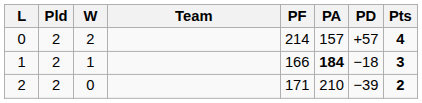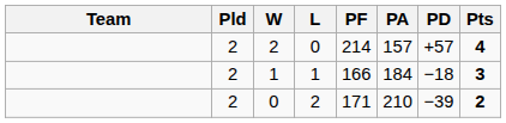 <table class="wikitable" style="text-align:center;">
 <tr>
-<th width=30>L</th>
+<th width=180>Team</th>
 <th width=30>Pld</th>
 <th width=30>W</th>
-<th width=180>Team</th>
+<th width=30>L</th>
 <th width=30>PF</th>
 <th width=30>PA</th>
 <th width=30>PD</th>
 <th width=30>Pts</th>
 </tr>
 <tr>
-<td>0</td>
+<td align="left"></td>
 <td>2</td>
 <td>2</td>
-<td align="left"></td>
+<td>0</td>
 <td>214</td>
 <td>157</td>
 <td>+57</td>
 <td><strong>4</strong></td>
 </tr>
 <tr>
-<td>1</td>
+<td align="left"></td>
 <td>2</td>
 <td>1</td>
-<td align="left"></td>
+<td>1</td>
 <td>166</td>
-<td><strong>184</strong></td>
+<td>184</td>
 <td>−18</td>
 <td><strong>3</strong></td>
 </tr>
 <tr>
-<td>2</td>
+<td align="left"></td>
 <td>2</td>
 <td>0</td>
-<td align="left"></td>
+<td>2</td>
 <td>171</td>
 <td>210</td>
 <td>−39</td>
 <td><strong>2</strong></td>
 </tr>
 </table>
